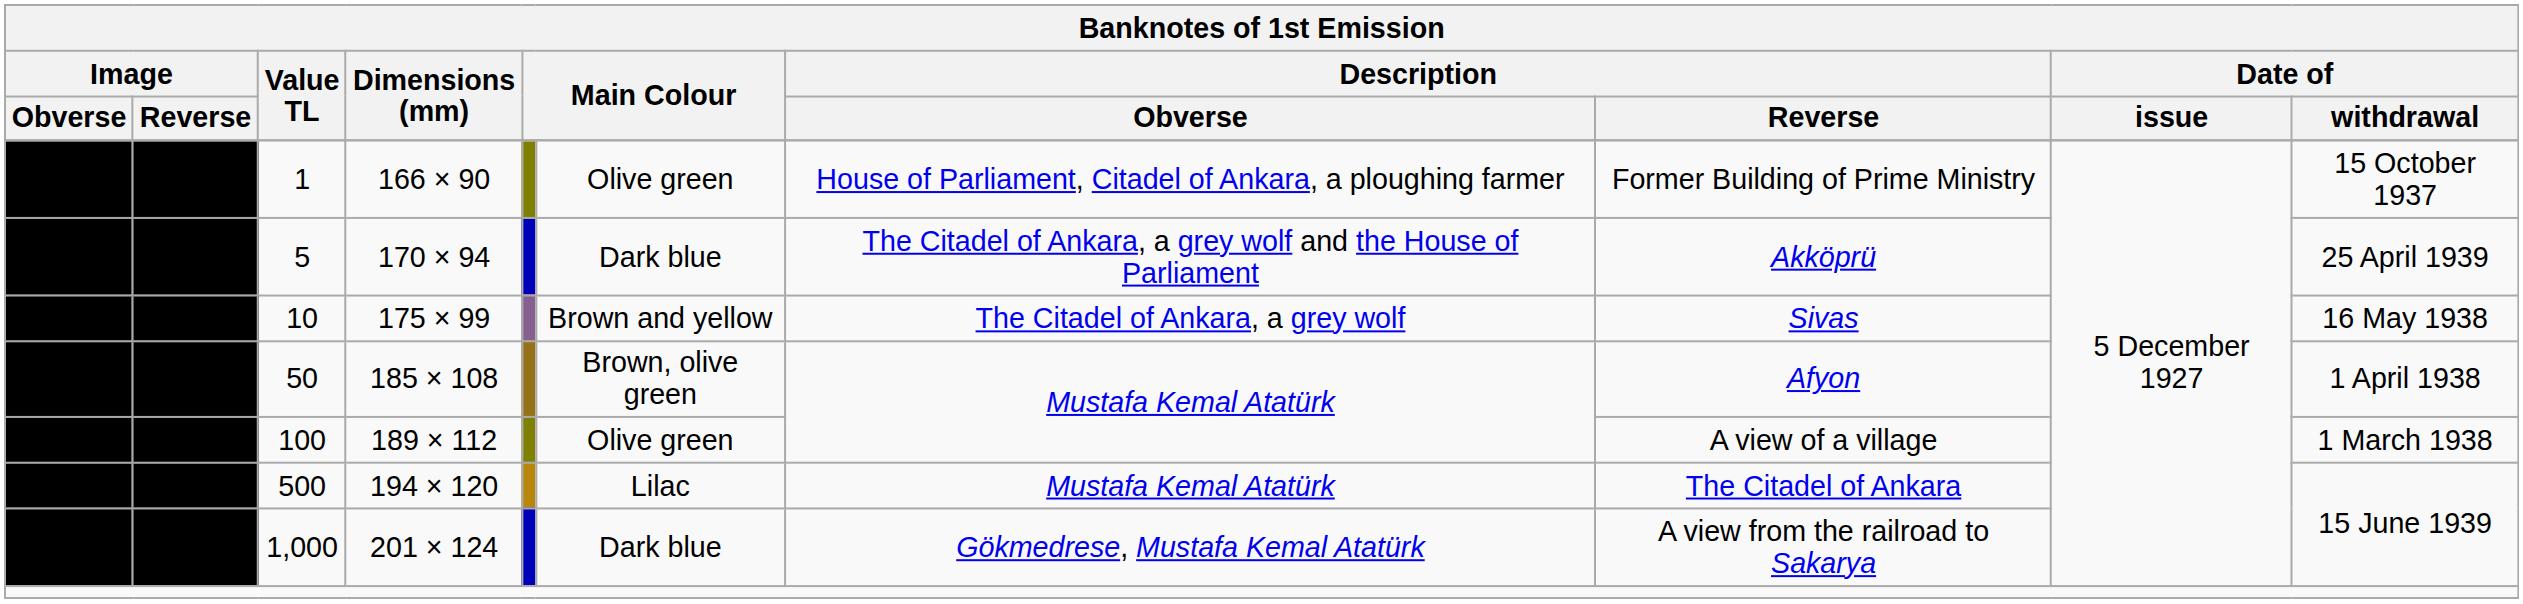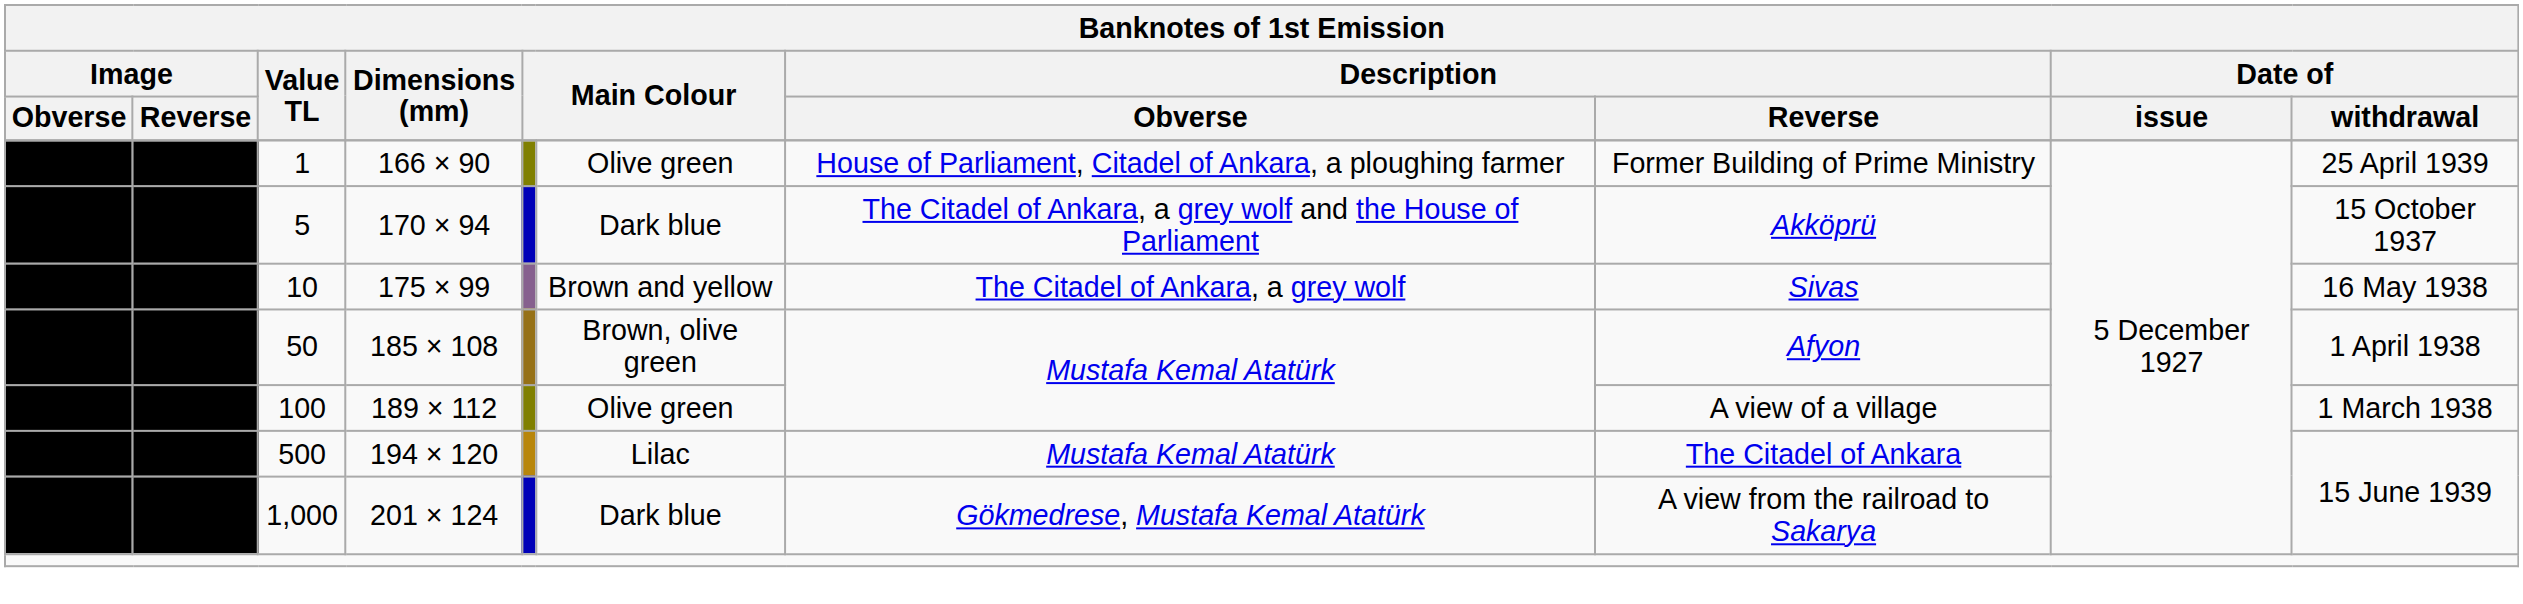 <table class="wikitable collapsible autocollapse" style="font-size: 90%; width: 100%">
 <tr>
 <th colspan="11" style="text-align: center">Banknotes of 1st Emission </th>
 </tr>
 <tr style="text-align: center">
 <th colspan="2">Image</th>
 <th rowspan="2">Value<br>TL</th>
 <th rowspan="2">Dimensions<br>(mm)</th>
 <th colspan="2" rowspan="2">Main Colour</th>
 <th colspan="2">Description</th>
 <th colspan="2">Date of</th>
 </tr>
 <tr>
 <th>Obverse</th>
 <th>Reverse</th>
 <th>Obverse</th>
 <th>Reverse</th>
 <th>issue</th>
 <th>withdrawal</th>
 </tr>
 <tr>
 </tr>
 <tr style="text-align:center;">
 <td style="background:#000;"></td>
 <td style="background:#000;"></td>
 <td>1</td>
 <td>166 × 90</td>
 <td style="background:#808000;"></td>
 <td>Olive green</td>
 <td><a href='#'>House of Parliament</a>, <a href='#'>Citadel of Ankara</a>, a ploughing farmer</td>
 <td>Former Building of Prime Ministry</td>
 <td rowspan="7">5 December 1927</td>
-<td>15 October 1937</td>
+<td>25 April 1939</td>
 </tr>
 <tr style="text-align:center;">
 <td style="background:#000;"></td>
 <td style="background:#000;"></td>
 <td>5</td>
 <td>170 × 94</td>
 <td style="background:#0000b8;"></td>
 <td>Dark blue</td>
 <td><a href='#'>The Citadel of Ankara</a>, a <a href='#'>grey wolf</a> and <a href='#'>the House of Parliament</a></td>
 <td><em><a href='#'>Akköprü</a></em></td>
-<td>25 April 1939</td>
+<td>15 October 1937</td>
 </tr>
 <tr style="text-align:center;">
 <td style="background:#000;"></td>
 <td style="background:#000;"></td>
 <td>10</td>
 <td>175 × 99</td>
 <td style="background:#86608e;"></td>
 <td>Brown and yellow</td>
 <td><a href='#'>The Citadel of Ankara</a>, a <a href='#'>grey wolf</a></td>
 <td><em><a href='#'>Sivas</a></em></td>
 <td>16 May 1938</td>
 </tr>
 <tr style="text-align:center;">
 <td style="background:#000;"></td>
 <td style="background:#000;"></td>
 <td>50</td>
 <td>185 × 108</td>
 <td style="background:#967117;"></td>
 <td>Brown, olive green</td>
 <td rowspan="2"><em><a href='#'>Mustafa Kemal Atatürk</a></em></td>
 <td><em><a href='#'>Afyon</a></em></td>
 <td>1 April 1938</td>
 </tr>
 <tr style="text-align:center;">
 <td style="background:#000;"></td>
 <td style="background:#000;"></td>
 <td>100</td>
 <td>189 × 112</td>
 <td style="background:#808000;"></td>
 <td>Olive green</td>
 <td>A view of a village</td>
 <td>1 March 1938</td>
 </tr>
 <tr style="text-align:center;">
 <td style="background:#000;"></td>
 <td style="background:#000;"></td>
 <td>500</td>
 <td>194 × 120</td>
 <td style="background:#b8860b;"></td>
 <td>Lilac</td>
 <td><em><a href='#'>Mustafa Kemal Atatürk</a></em></td>
 <td><a href='#'>The Citadel of Ankara</a></td>
 <td rowspan="2">15 June 1939</td>
 </tr>
 <tr style="text-align:center;">
 <td style="background:#000;"></td>
 <td style="background:#000;"></td>
 <td>1,000</td>
 <td>201 × 124</td>
 <td style="background:#0000b8;"></td>
 <td>Dark blue</td>
 <td><em><a href='#'>Gökmedrese</a></em>, <em><a href='#'>Mustafa Kemal Atatürk</a></em></td>
 <td>A view from the railroad to <em><a href='#'>Sakarya</a></em></td>
 </tr>
 <tr>
 <td colspan="11"></td>
 </tr>
 </table>
